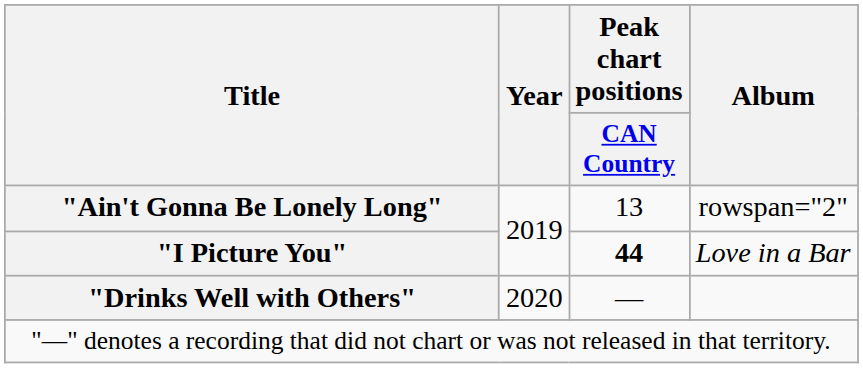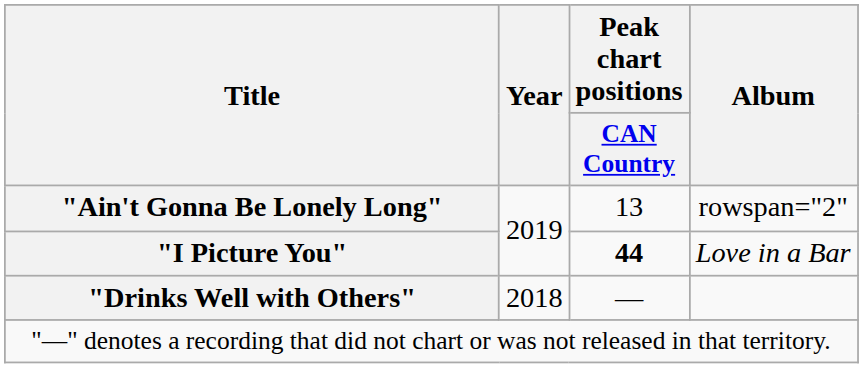 <table class="wikitable plainrowheaders" style="text-align:center;">
 <tr>
 <th scope="col" rowspan="2" style="width:17em;">Title</th>
 <th scope="col" rowspan="2">Year</th>
 <th scope="col" colspan="1">Peak chart positions</th>
 <th scope="col" rowspan="2">Album</th>
 </tr>
 <tr>
 <th scope="col" style="width:2.5em;font-size:90%;"><a href='#'>CAN Country</a><br></th>
 </tr>
 <tr>
 <th scope="row">"Ain't Gonna Be Lonely Long"</th>
 <td rowspan="2">2019</td>
 <td>13</td>
 <td>rowspan="2" </td>
 </tr>
 <tr>
 <th scope="row">"I Picture You"</th>
 <td><strong>44</strong></td>
 <td><em>Love in a Bar</em></td>
 </tr>
 <tr>
 <th scope="row">"Drinks Well with Others"</th>
-<td>2020</td>
+<td>2018</td>
 <td>—</td>
 </tr>
 <tr>
 <td colspan="4" style="font-size:90%">"—" denotes a recording that did not chart or was not released in that territory.</td>
 </tr>
 </table>
